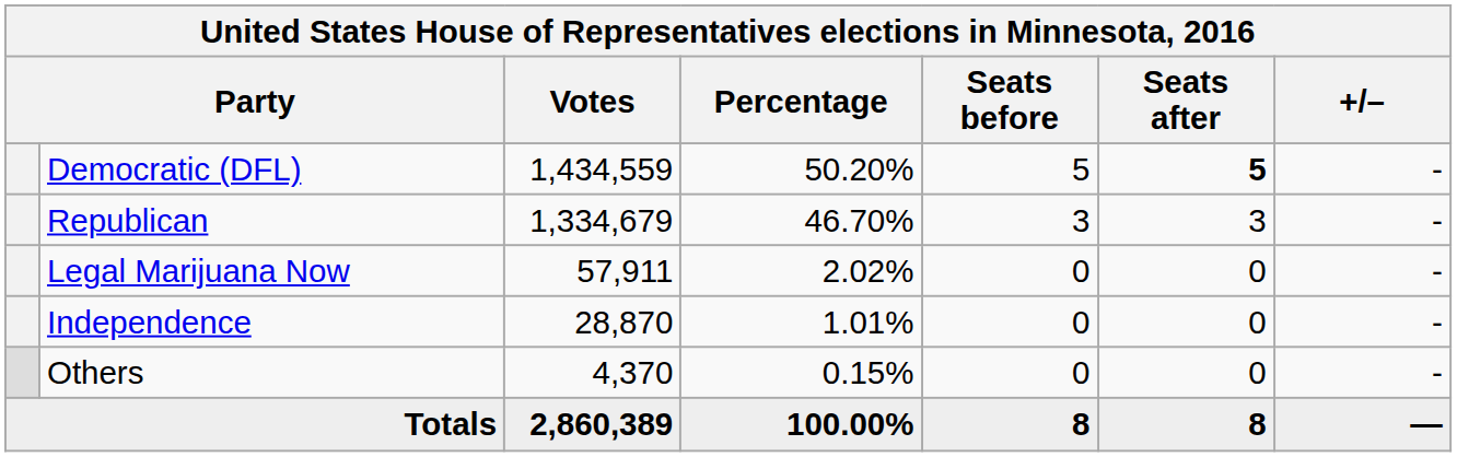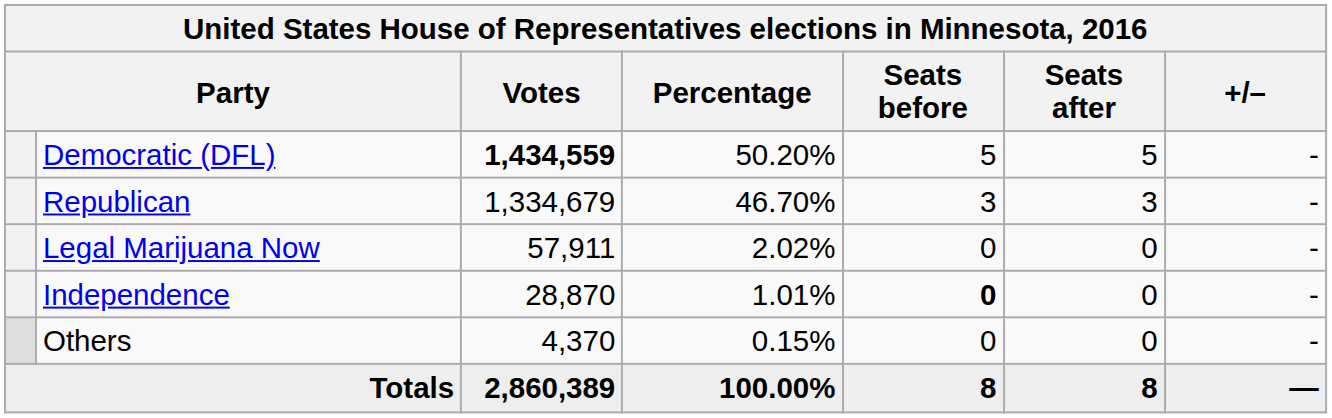 <table class="wikitable" style="font-size: 95%;">
 <tr>
 <th colspan="7">United States House of Representatives elections in Minnesota, 2016</th>
 </tr>
 <tr>
 <th colspan=2 style="width: 15em">Party</th>
 <th style="width: 5em">Votes</th>
 <th style="width: 7em">Percentage</th>
 <th style="width: 5em">Seats before</th>
 <th style="width: 5em">Seats after</th>
 <th style="width: 5em">+/–</th>
 </tr>
 <tr>
 <th style="background:"></th>
 <td style="width: 130px"><a href='#'>Democratic (DFL)</a></td>
-<td style="text-align:right;">1,434,559</td>
+<td style="text-align:right;"><strong>1,434,559</strong></td>
 <td style="text-align:right;">50.20%</td>
 <td style="text-align:right;">5</td>
-<td style="text-align:right;"><strong>5</strong></td>
+<td style="text-align:right;">5</td>
 <td style="text-align:right;">-</td>
 </tr>
 <tr>
 <th style="background:"></th>
 <td style="width: 130px"><a href='#'>Republican</a></td>
 <td style="text-align:right;">1,334,679</td>
 <td style="text-align:right;">46.70%</td>
 <td style="text-align:right;">3</td>
 <td style="text-align:right;">3</td>
 <td style="text-align:right;">-</td>
 </tr>
 <tr>
 <th style="background:"></th>
 <td style="width: 130px"><a href='#'>Legal Marijuana Now</a></td>
 <td style="text-align:right;">57,911</td>
 <td style="text-align:right;">2.02%</td>
 <td style="text-align:right;">0</td>
 <td style="text-align:right;">0</td>
 <td style="text-align:right;">-</td>
 </tr>
 <tr>
 <th style="background:"></th>
 <td style="width: 130px"><a href='#'>Independence</a></td>
 <td style="text-align:right;">28,870</td>
 <td style="text-align:right;">1.01%</td>
-<td style="text-align:right;">0</td>
+<td style="text-align:right;"><strong>0</strong></td>
 <td style="text-align:right;">0</td>
 <td style="text-align:right;">-</td>
 </tr>
 <tr>
 <th style="background:#ddd; width:3px;"></th>
 <td style="width: 130px">Others</td>
 <td style="text-align:right;">4,370</td>
 <td style="text-align:right;">0.15%</td>
 <td style="text-align:right;">0</td>
 <td style="text-align:right;">0</td>
 <td style="text-align:right;">-</td>
 </tr>
 <tr style="background:#eee; text-align:right;">
 <td colspan="2"><strong>Totals</strong></td>
 <td><strong>2,860,389</strong></td>
 <td><strong>100.00%</strong></td>
 <td><strong>8</strong></td>
 <td><strong>8</strong></td>
 <td><strong>—</strong></td>
 </tr>
 </table>
